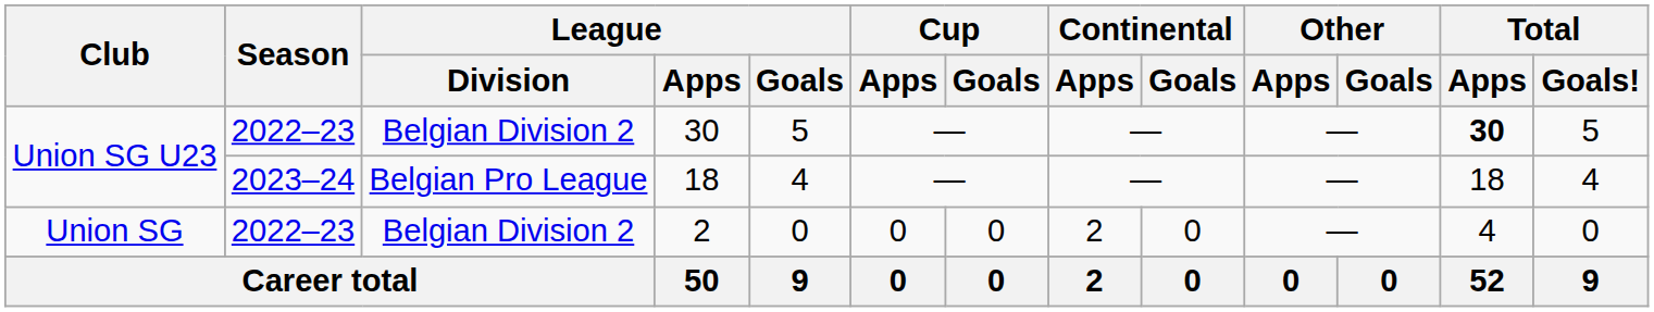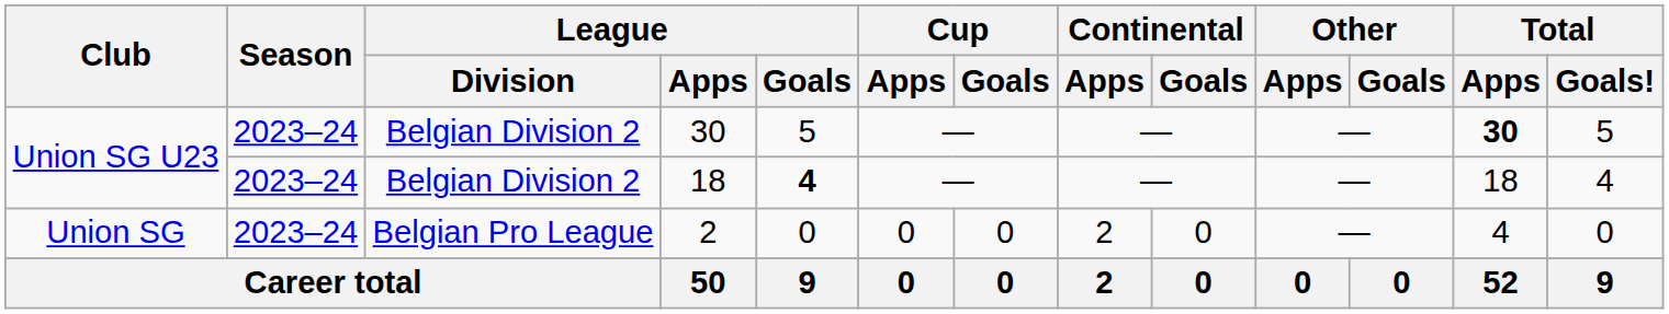 <table class="wikitable" style="text-align: center">
 <tr>
 <th rowspan="2">Club</th>
 <th rowspan="2">Season</th>
 <th colspan="3">League</th>
 <th colspan="2">Cup</th>
 <th colspan="2">Continental</th>
 <th colspan="2">Other</th>
 <th colspan="2">Total</th>
 </tr>
 <tr>
 <th>Division</th>
 <th>Apps</th>
 <th>Goals</th>
 <th>Apps</th>
 <th>Goals</th>
 <th>Apps</th>
 <th>Goals</th>
 <th>Apps</th>
 <th>Goals</th>
 <th>Apps</th>
 <th>Goals!</th>
 </tr>
 <tr>
 <td rowspan="2"><a href='#'>Union SG U23</a></td>
-<td><a href='#'>2022–23</a></td>
+<td><a href='#'>2023–24</a></td>
 <td><a href='#'>Belgian Division 2</a></td>
 <td>30</td>
 <td>5</td>
 <td colspan="2">—</td>
 <td colspan="2">—</td>
 <td colspan="2">—</td>
 <td><strong>30</strong></td>
 <td>5</td>
 </tr>
 <tr>
 <td><a href='#'>2023–24</a></td>
-<td><a href='#'>Belgian Pro League</a></td>
+<td><a href='#'>Belgian Division 2</a></td>
 <td>18</td>
-<td>4</td>
+<td><strong>4</strong></td>
 <td colspan="2">—</td>
 <td colspan="2">—</td>
 <td colspan="2">—</td>
 <td>18</td>
 <td>4</td>
 </tr>
 <tr>
 <td rowspan="1"><a href='#'>Union SG</a></td>
-<td><a href='#'>2022–23</a></td>
-<td><a href='#'>Belgian Division 2</a></td>
+<td><a href='#'>2023–24</a></td>
+<td><a href='#'>Belgian Pro League</a></td>
 <td>2</td>
 <td>0</td>
 <td>0</td>
 <td>0</td>
 <td>2</td>
 <td>0</td>
 <td colspan="2">—</td>
 <td>4</td>
 <td>0</td>
 </tr>
 <tr>
 <th colspan="3">Career total</th>
 <th>50</th>
 <th>9</th>
 <th>0</th>
 <th>0</th>
 <th>2</th>
 <th>0</th>
 <th>0</th>
 <th>0</th>
 <th>52</th>
 <th>9</th>
 </tr>
 </table>
